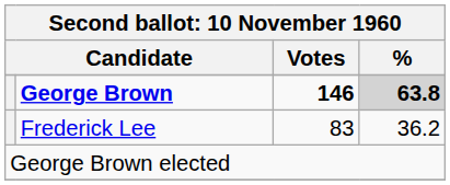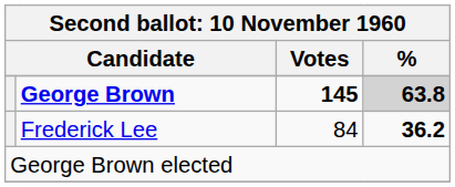 <table class=wikitable style="font-size:95%;">
 <tr>
 <th colspan="4">Second ballot: 10 November 1960</th>
 </tr>
 <tr>
 <th colspan="2" style="width: 170px">Candidate</th>
 <th style="width: 52px">Votes</th>
 <th style="width: 52px">%</th>
 </tr>
 <tr>
 </tr>
 <tr>
 <th style="background-color: "></th>
 <td style="width: 170px"><strong><a href='#'>George Brown</a></strong></td>
-<td align="right"><strong>146</strong></td>
+<td align="right"><strong>145</strong></td>
 <td align="right" style="background: lightgrey;"><strong>63.8</strong></td>
 </tr>
 <tr>
 <th style="background-color: "></th>
 <td style="width: 170px"><a href='#'>Frederick Lee</a></td>
-<td align="right">83</td>
-<td align="right">36.2</td>
+<td align="right">84</td>
+<td align="right"><strong>36.2</strong></td>
 </tr>
 <tr>
 <td colspan="4">George Brown elected</td>
 </tr>
 <tr>
 </tr>
 </table>
